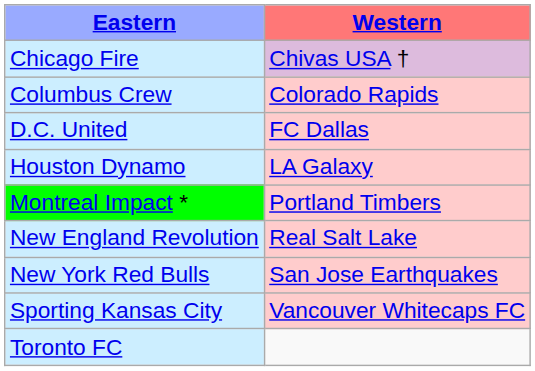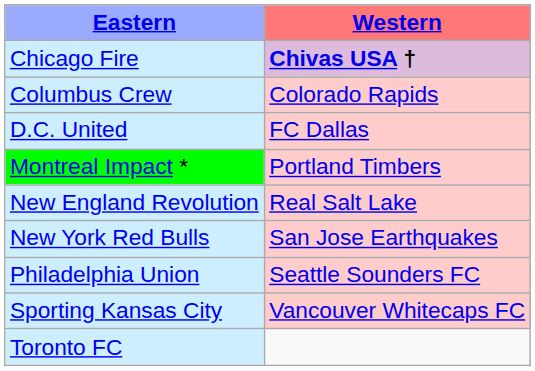 <table class="wikitable">
 <tr>
 <th style="background-color: #9AF;"><a href='#'>Eastern</a></th>
 <th style="background-color: #F77;"><a href='#'>Western</a></th>
 </tr>
 <tr>
 <td style="background-color: #CEF;"><a href='#'>Chicago Fire</a></td>
-<td style="background-color: #DBD;"><a href='#'>Chivas USA</a> †</td>
+<td style="background-color: #DBD;"><strong><a href='#'>Chivas USA</a> †</strong></td>
 </tr>
 <tr>
 <td style="background-color: #CEF;"><a href='#'>Columbus Crew</a></td>
 <td style="background-color: #FCC;"><a href='#'>Colorado Rapids</a></td>
 </tr>
 <tr>
 <td style="background-color: #CEF;"><a href='#'>D.C. United</a></td>
 <td style="background-color: #FCC;"><a href='#'>FC Dallas</a></td>
-</tr>
-<tr>
-<td style="background-color: #CEF;"><a href='#'>Houston Dynamo</a></td>
-<td style="background-color: #FCC;"><a href='#'>LA Galaxy</a></td>
 </tr>
 <tr>
 <td style="background-color: #0F0;"><a href='#'>Montreal Impact</a> *</td>
 <td style="background-color: #FCC;"><a href='#'>Portland Timbers</a></td>
 </tr>
 <tr>
 <td style="background-color: #CEF;"><a href='#'>New England Revolution</a></td>
 <td style="background-color: #FCC;"><a href='#'>Real Salt Lake</a></td>
 </tr>
 <tr>
 <td style="background-color: #CEF;"><a href='#'>New York Red Bulls</a></td>
 <td style="background-color: #FCC;"><a href='#'>San Jose Earthquakes</a></td>
 </tr>
 <tr>
+<td style="background-color: #CEF;"><a href='#'>Philadelphia Union</a></td>
+<td style="background-color: #FCC;"><a href='#'>Seattle Sounders FC</a></td>
+</tr>
+<tr>
 <td style="background-color: #CEF;"><a href='#'>Sporting Kansas City</a></td>
 <td style="background-color: #FCC;"><a href='#'>Vancouver Whitecaps FC</a></td>
 </tr>
 <tr>
 <td style="background-color: #CEF;"><a href='#'>Toronto FC</a></td>
 <td></td>
 </tr>
 </table>
